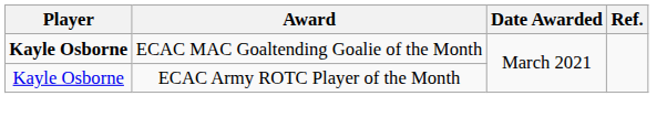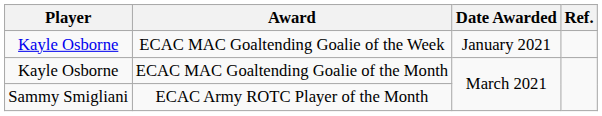 <table class="wikitable sortable sortable" style="text-align: center">
 <tr align=center>
 <th>Player</th>
 <th>Award</th>
 <th>Date Awarded</th>
 <th>Ref.</th>
 </tr>
 <tr>
-<td><strong>Kayle Osborne</strong></td>
+<td><a href='#'>Kayle Osborne</a></td>
+<td>ECAC MAC Goaltending Goalie of the Week</td>
+<td>January 2021</td>
+<td></td>
+</tr>
+<tr>
+<td>Kayle Osborne</td>
 <td>ECAC MAC Goaltending Goalie of the Month</td>
 <td rowspan="2">March 2021</td>
 <td rowspan="2"></td>
 </tr>
 <tr>
-<td><a href='#'>Kayle Osborne</a></td>
+<td>Sammy Smigliani</td>
 <td>ECAC Army ROTC Player of the Month</td>
 </tr>
 </table>
